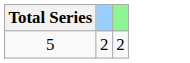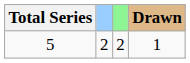 <table class="wikitable">
 <tr>
 <th>Total Series</th>
 <th style="background:#99ccff"></th>
 <th style="background:#8ef595"></th>
+<th style="background:#deb887">Drawn</th>
 </tr>
 <tr>
 <td align="center">5</td>
 <td align="center">2</td>
 <td align="center">2</td>
+<td align="center">1</td>
 </tr>
 </table>
